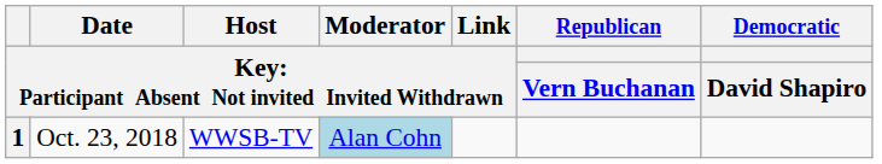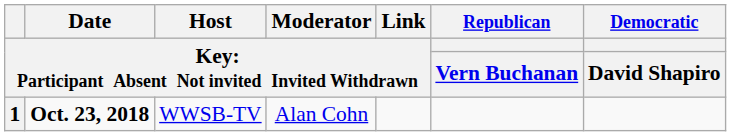 <table class="wikitable" style="text-align:center;">
 <tr>
 <th scope="col"></th>
 <th scope="col">Date</th>
 <th scope="col">Host</th>
 <th scope="col">Moderator</th>
 <th scope="col">Link</th>
 <th scope="col"><small><a href='#'>Republican</a></small></th>
 <th scope="col"><small><a href='#'>Democratic</a></small></th>
 </tr>
 <tr>
 <th colspan="5" rowspan="2">Key:<br> <small>Participant </small>  <small>Absent </small>  <small>Not invited </small>  <small>Invited  Withdrawn</small></th>
 <th scope="col" style="background:"></th>
 <th scope="col" style="background:"></th>
 </tr>
 <tr>
 <th scope="col"><a href='#'>Vern Buchanan</a></th>
 <th scope="col">David Shapiro</th>
 </tr>
 <tr>
 <th>1</th>
-<td style="white-space:nowrap;">Oct. 23, 2018</td>
+<td style="white-space:nowrap;"><strong>Oct. 23, 2018</strong></td>
 <td style="white-space:nowrap;"><a href='#'>WWSB-TV</a></td>
-<td style="background: lightblue; white-space:nowrap;"><a href='#'>Alan Cohn</a></td>
+<td style="white-space:nowrap;"><a href='#'>Alan Cohn</a></td>
 <td style="white-space:nowrap;"></td>
 <td></td>
 <td></td>
 </tr>
 </table>
